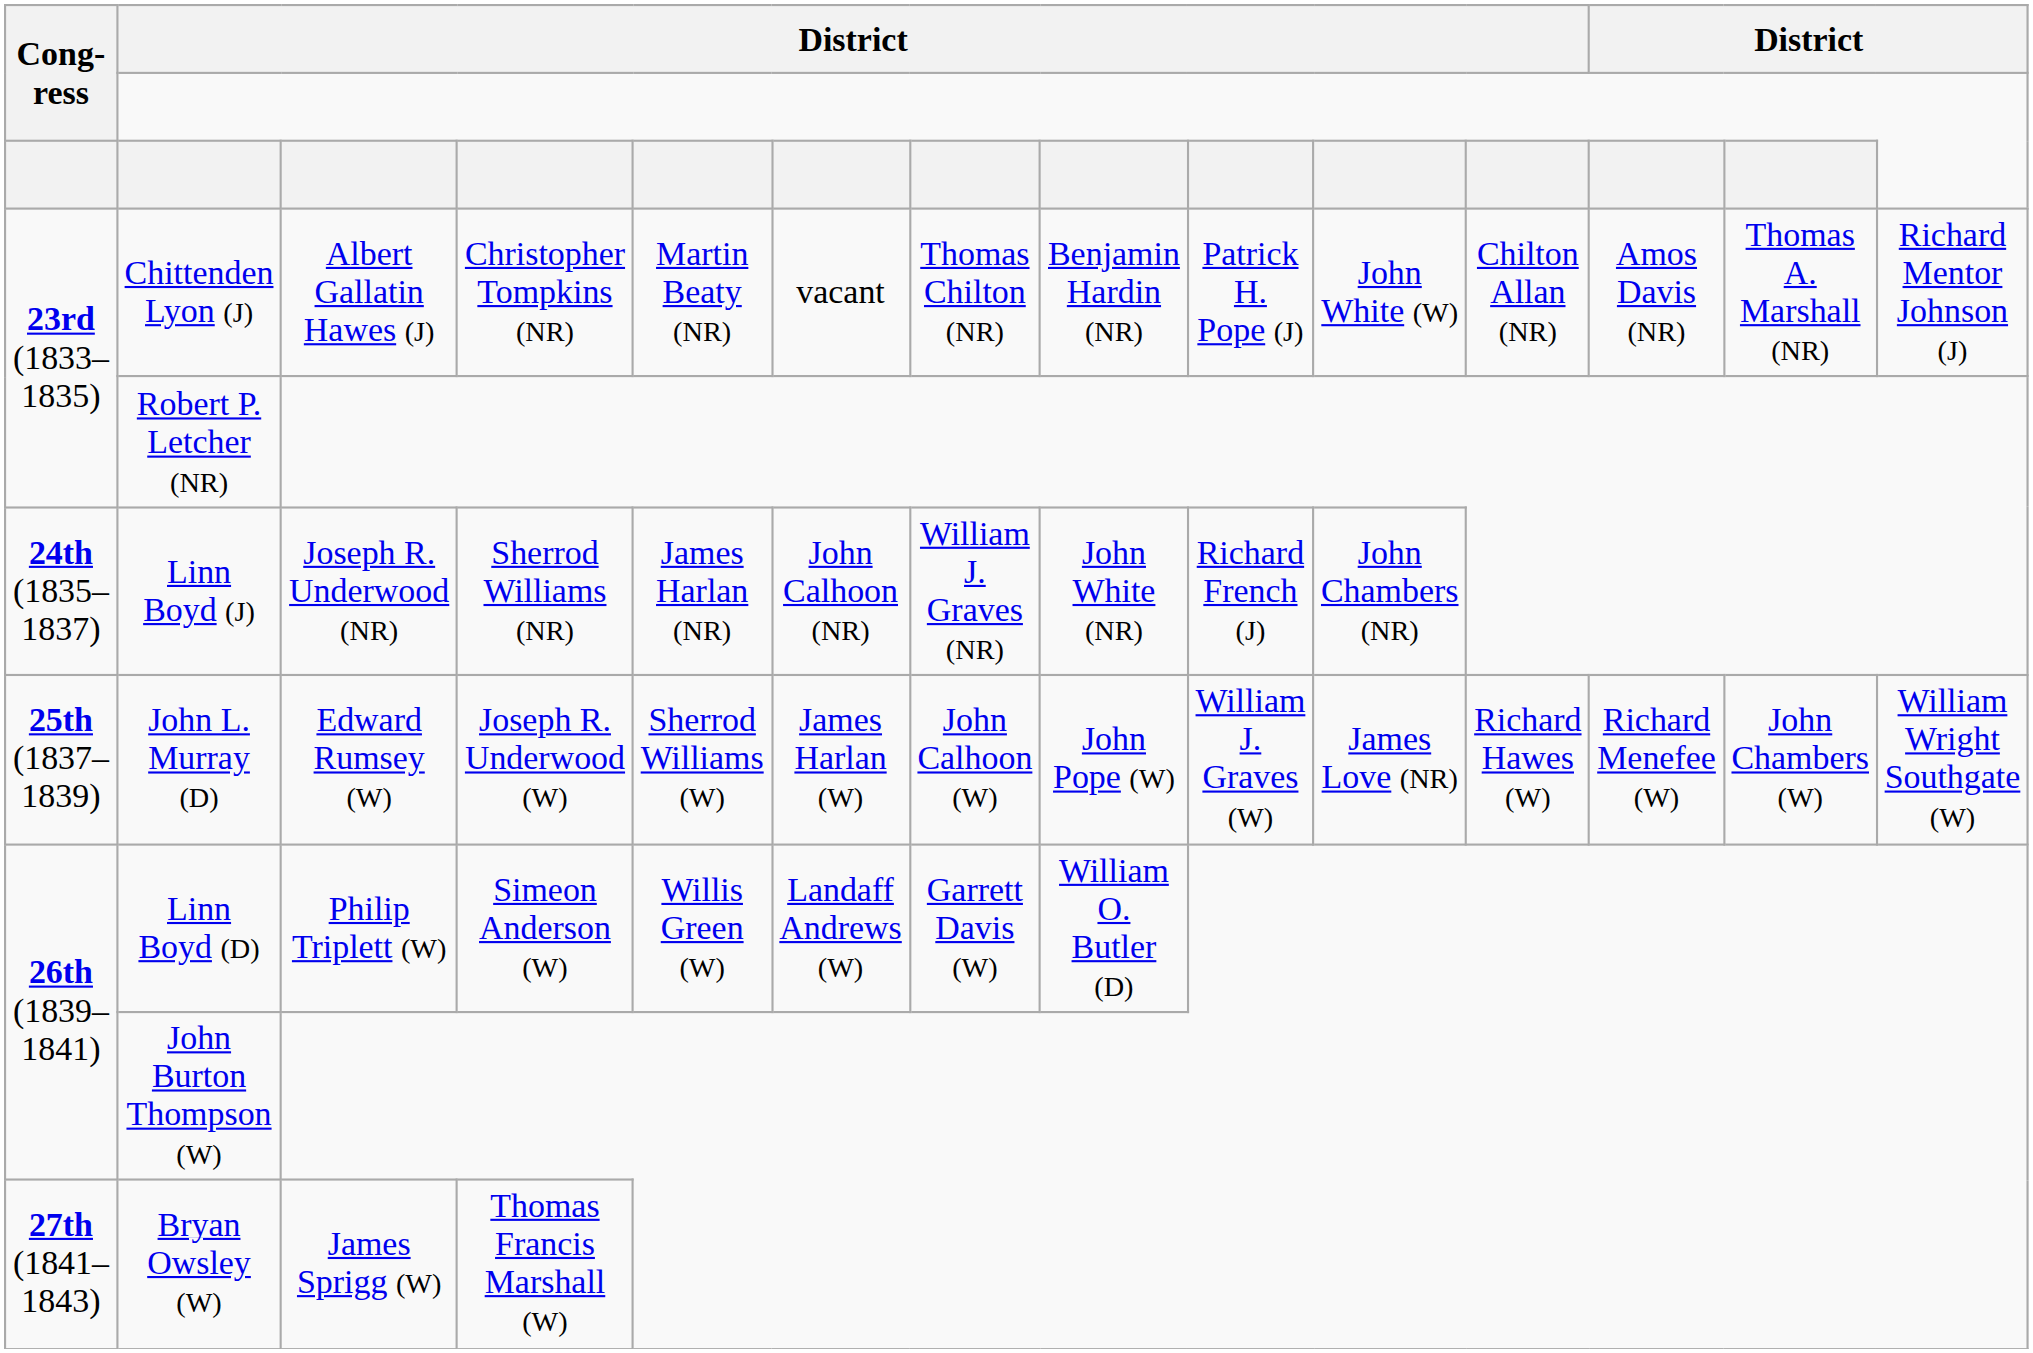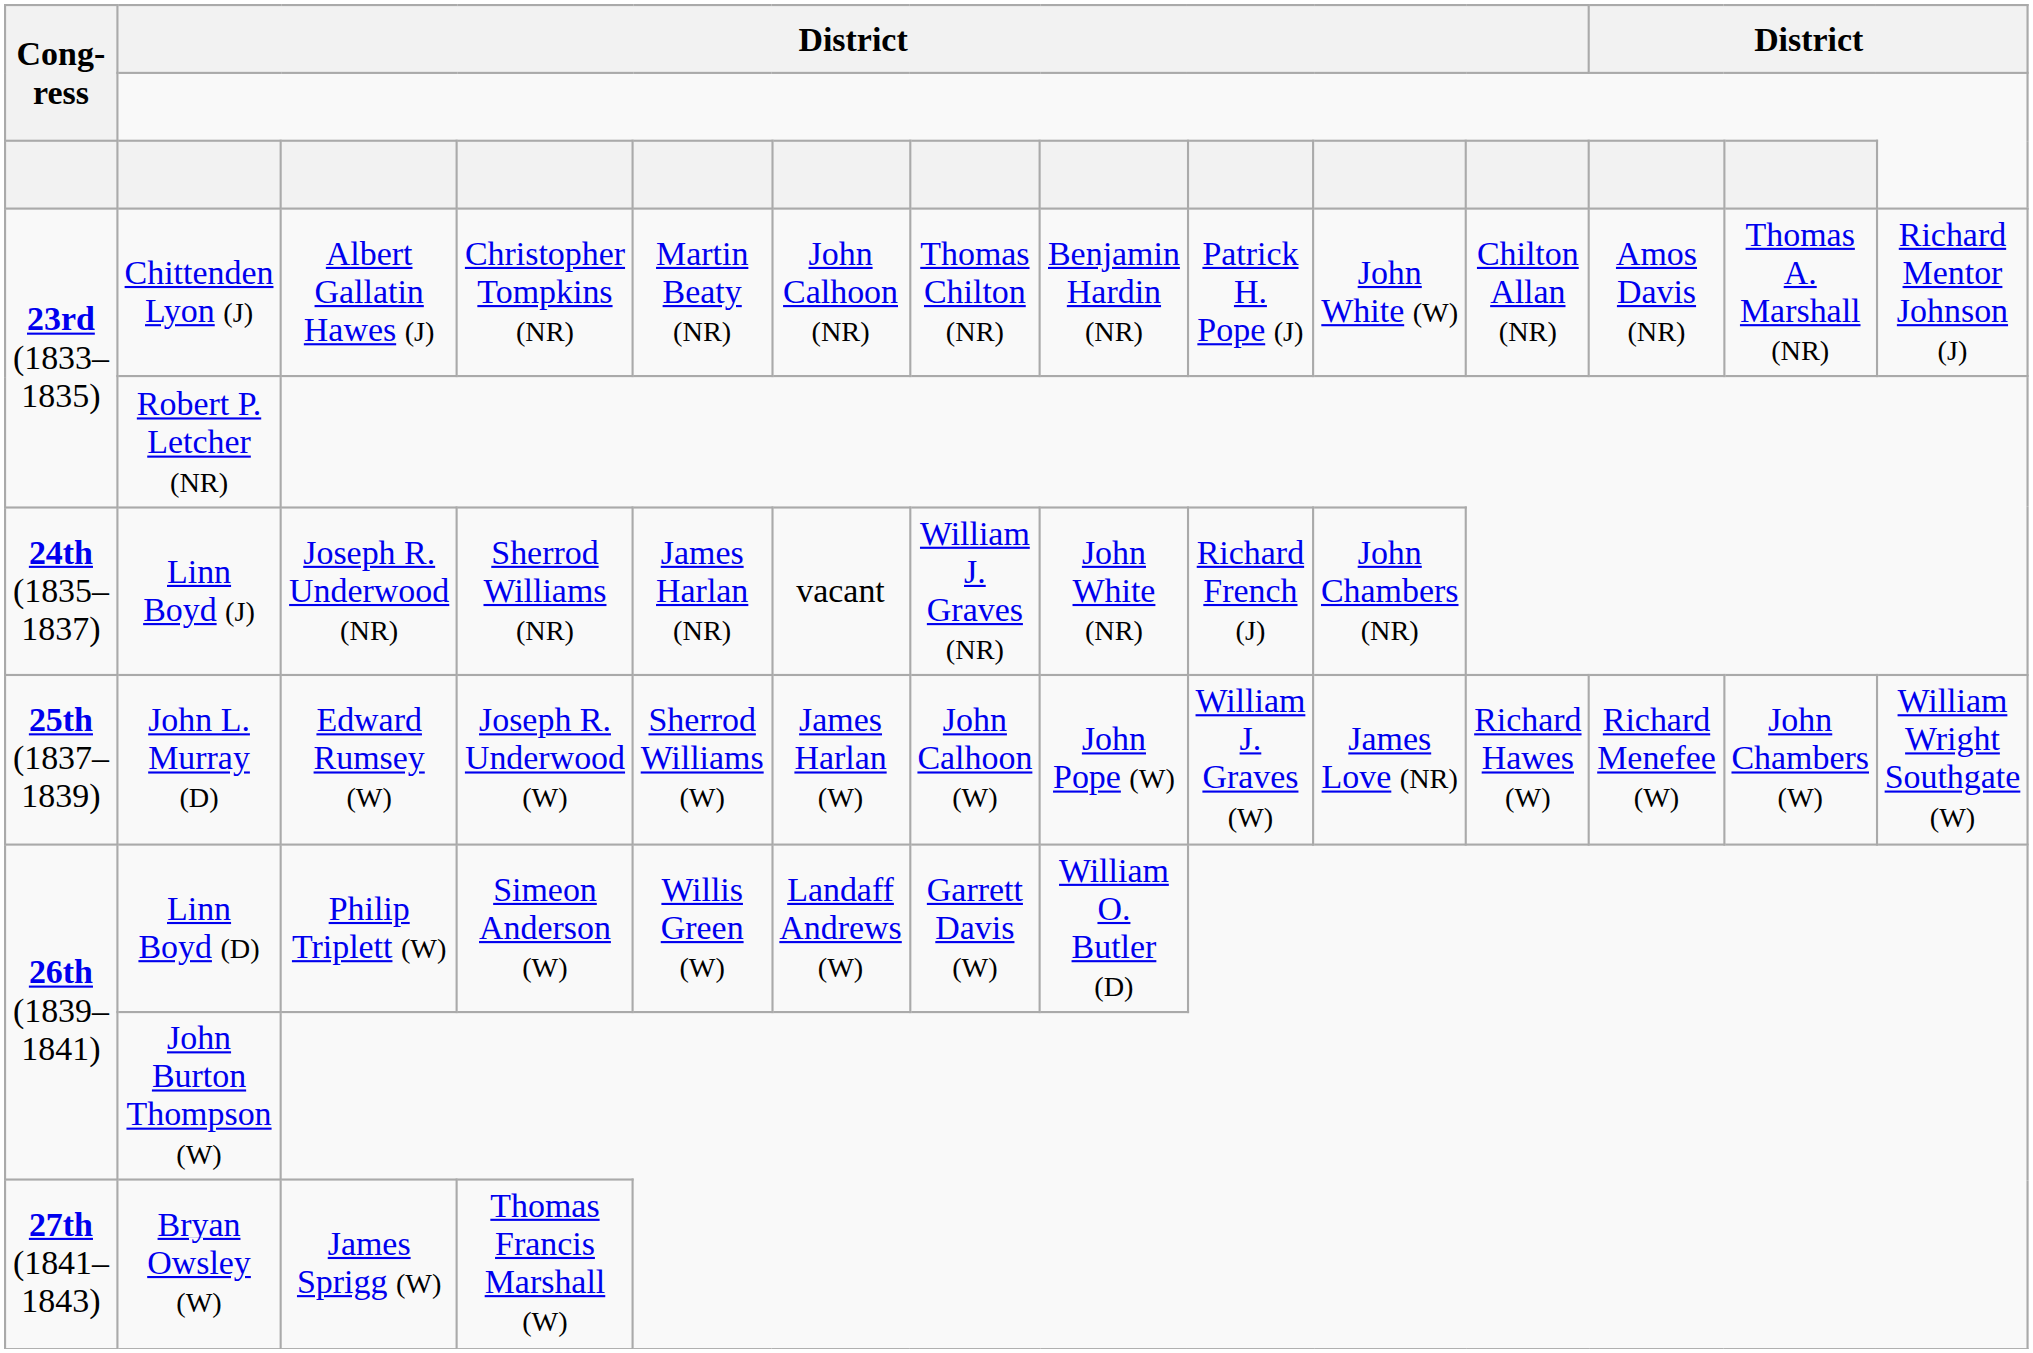 <table class=wikitable style="text-align:center">
 <tr style="height:2em">
 <th rowspan=2>Cong­ress</th>
 <th colspan=10>District</th>
 <th colspan=3>District</th>
 </tr>
 <tr style="height:2em">
 </tr>
 <tr style="height:2em">
 <th></th>
 <th></th>
 <th></th>
 <th></th>
 <th></th>
 <th></th>
 <th></th>
 <th></th>
 <th></th>
 <th></th>
 <th></th>
 <th></th>
 <th></th>
 </tr>
 <tr style="height:2em">
 <td rowspan=2><strong><a href='#'>23rd</a></strong><br>(1833–1835)</td>
 <td><a href='#'>Chittenden<br>Lyon</a> <small>(J)</small></td>
 <td><a href='#'>Albert Gallatin<br>Hawes</a> <small>(J)</small></td>
 <td><a href='#'>Christopher<br>Tompkins</a> <small>(NR)</small></td>
 <td><a href='#'>Martin<br>Beaty</a> <small>(NR)</small></td>
-<td>vacant</td>
+<td><a href='#'>John<br>Calhoon</a> <small>(NR)</small></td>
 <td><a href='#'>Thomas<br>Chilton</a> <small>(NR)</small></td>
 <td><a href='#'>Benjamin<br>Hardin</a> <small>(NR)</small></td>
 <td><a href='#'>Patrick H.<br>Pope</a> <small>(J)</small></td>
 <td><a href='#'>John<br>White</a> <small>(W)</small></td>
 <td><a href='#'>Chilton<br>Allan</a> <small>(NR)</small></td>
 <td><a href='#'>Amos<br>Davis</a> <small>(NR)</small></td>
 <td><a href='#'>Thomas A.<br>Marshall</a> <small>(NR)</small></td>
 <td><a href='#'>Richard Mentor<br>Johnson</a> <small>(J)</small></td>
 </tr>
 <tr style="height:2em">
 <td><a href='#'>Robert P. Letcher</a> <small>(NR)</small></td>
 </tr>
 <tr style="height:2em">
 <td><strong><a href='#'>24th</a></strong><br>(1835–1837)</td>
 <td><a href='#'>Linn<br>Boyd</a> <small>(J)</small></td>
 <td><a href='#'>Joseph R.<br>Underwood</a> <small>(NR)</small></td>
 <td><a href='#'>Sherrod<br>Williams</a> <small>(NR)</small></td>
 <td><a href='#'>James<br>Harlan</a> <small>(NR)</small></td>
-<td><a href='#'>John<br>Calhoon</a> <small>(NR)</small></td>
+<td>vacant</td>
 <td><a href='#'>William J.<br>Graves</a> <small>(NR)</small></td>
 <td><a href='#'>John<br>White</a> <small>(NR)</small></td>
 <td><a href='#'>Richard<br>French</a> <small>(J)</small></td>
 <td><a href='#'>John<br>Chambers</a> <small>(NR)</small></td>
 </tr>
 <tr style="height:2em">
 <td><strong><a href='#'>25th</a></strong><br>(1837–1839)</td>
 <td><a href='#'>John L.<br>Murray</a> <small>(D)</small></td>
 <td><a href='#'>Edward<br>Rumsey</a> <small>(W)</small></td>
 <td><a href='#'>Joseph R.<br>Underwood</a> <small>(W)</small></td>
 <td><a href='#'>Sherrod<br>Williams</a> <small>(W)</small></td>
 <td><a href='#'>James<br>Harlan</a> <small>(W)</small></td>
 <td><a href='#'>John<br>Calhoon</a> <small>(W)</small></td>
 <td><a href='#'>John<br>Pope</a> <small>(W)</small></td>
 <td><a href='#'>William J.<br>Graves</a> <small>(W)</small></td>
 <td><a href='#'>James<br>Love</a> <small>(NR)</small></td>
 <td><a href='#'>Richard<br>Hawes</a> <small>(W)</small></td>
 <td><a href='#'>Richard<br>Menefee</a> <small>(W)</small></td>
 <td><a href='#'>John<br>Chambers</a> <small>(W)</small></td>
 <td><a href='#'>William Wright<br>Southgate</a> <small>(W)</small></td>
 </tr>
 <tr style="height:2em">
 <td rowspan=2><strong><a href='#'>26th</a></strong><br>(1839–1841)</td>
 <td><a href='#'>Linn<br>Boyd</a> <small>(D)</small></td>
 <td><a href='#'>Philip<br>Triplett</a> <small>(W)</small></td>
 <td><a href='#'>Simeon Anderson</a> <small>(W)</small></td>
 <td><a href='#'>Willis<br>Green</a> <small>(W)</small></td>
 <td><a href='#'>Landaff<br>Andrews</a> <small>(W)</small></td>
 <td><a href='#'>Garrett<br>Davis</a> <small>(W)</small></td>
 <td><a href='#'>William O.<br>Butler</a> <small>(D)</small></td>
 </tr>
 <tr style="height:2em">
 <td><a href='#'>John Burton<br>Thompson</a> <small>(W)</small></td>
 </tr>
 <tr style="height:2em">
 <td><strong><a href='#'>27th</a></strong><br>(1841–1843)</td>
 <td><a href='#'>Bryan<br>Owsley</a> <small>(W)</small></td>
 <td><a href='#'>James<br>Sprigg</a> <small>(W)</small></td>
 <td><a href='#'>Thomas Francis<br>Marshall</a> <small>(W)</small></td>
 </tr>
 </table>
